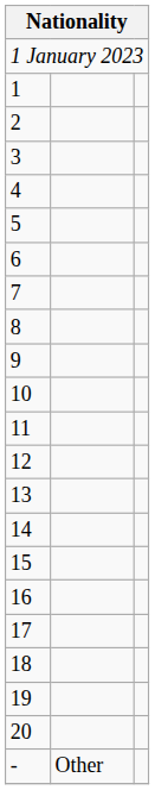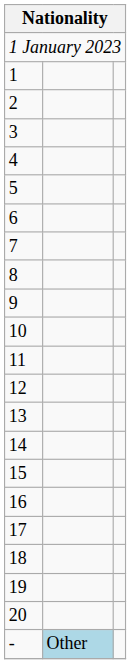 <table class="wikitable mw-collapsible mw-collapsed">
 <tr>
 <th colspan=3>Nationality </th>
 </tr>
 <tr>
 <td colspan=3 style="text-align:center;"><em>1 January 2023</em></td>
 </tr>
 <tr>
 <td>1</td>
 <td><strong></strong></td>
 <td align=right></td>
 </tr>
 <tr>
 <td>2</td>
 <td></td>
 <td align=right></td>
 </tr>
 <tr>
 <td>3</td>
 <td></td>
 <td align=right></td>
 </tr>
 <tr>
 <td>4</td>
 <td></td>
 <td align=right></td>
 </tr>
 <tr>
 <td>5</td>
 <td></td>
 <td align=right></td>
 </tr>
 <tr>
 <td>6</td>
 <td></td>
 <td align=right></td>
 </tr>
 <tr>
 <td>7</td>
 <td></td>
 <td align=right></td>
 </tr>
 <tr>
 <td>8</td>
 <td></td>
 <td align=right></td>
 </tr>
 <tr>
 <td>9</td>
 <td></td>
 <td align=right></td>
 </tr>
 <tr>
 <td>10</td>
 <td></td>
 <td align=right></td>
 </tr>
 <tr>
 <td>11</td>
 <td></td>
 <td align=right></td>
 </tr>
 <tr>
 <td>12</td>
 <td></td>
 <td align=right></td>
 </tr>
 <tr>
 <td>13</td>
 <td></td>
 <td align=right></td>
 </tr>
 <tr>
 <td>14</td>
 <td></td>
 <td align=right></td>
 </tr>
 <tr>
 <td>15</td>
 <td></td>
 <td align=right></td>
 </tr>
 <tr>
 <td>16</td>
 <td></td>
 <td align=right></td>
 </tr>
 <tr>
 <td>17</td>
 <td></td>
 <td align=right></td>
 </tr>
 <tr>
 <td>18</td>
 <td></td>
 <td align=right></td>
 </tr>
 <tr>
 <td>19</td>
 <td></td>
 <td align=right></td>
 </tr>
 <tr>
 <td>20</td>
 <td></td>
 <td align=right></td>
 </tr>
 <tr>
 <td>-</td>
-<td>Other</td>
+<td style="background: lightblue;">Other</td>
 <td align=right></td>
 </tr>
 <tr>
 </tr>
 </table>
